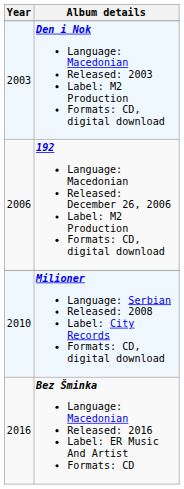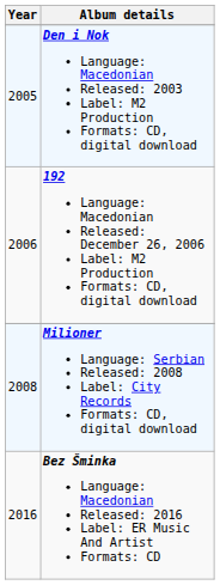 <table class="wikitable">
 <tr>
 <th align="center">Year</th>
 <th align="center" width="180">Album details</th>
 </tr>
 <tr>
 </tr>
 <tr bgcolor="#F0F8FF">
-<td>2003</td>
+<td>2005</td>
 <td><strong><em><a href='#'>Den i Nok</a></em></strong><br><ul><li>Language: <a href='#'>Macedonian</a></li><li>Released: 2003</li><li>Label: M2 Production</li><li>Formats: CD, digital download</li></ul></td>
 </tr>
 <tr>
 <td>2006</td>
 <td><strong><em><a href='#'>192</a></em></strong><br><ul><li>Language: Macedonian</li><li>Released: December 26, 2006</li><li>Label: M2 Production</li><li>Formats: CD, digital download</li></ul></td>
 </tr>
 <tr>
 </tr>
 <tr bgcolor="#F0F8FF">
-<td>2010</td>
+<td>2008</td>
 <td><strong><em><a href='#'>Milioner</a></em></strong><br><ul><li>Language: <a href='#'>Serbian</a></li><li>Released: 2008</li><li>Label: <a href='#'>City Records</a></li><li>Formats: CD, digital download</li></ul></td>
 </tr>
 <tr>
 <td>2016</td>
 <td><strong><em>Bez Šminka</em></strong><br><ul><li>Language: <a href='#'>Macedonian</a></li><li>Released: 2016</li><li>Label: ER Music And Artist</li><li>Formats: CD</li></ul></td>
 </tr>
 </table>
